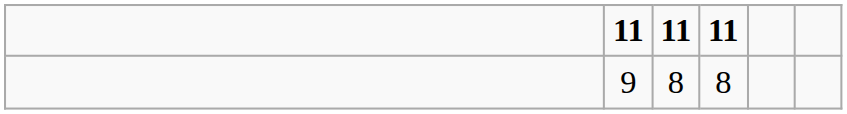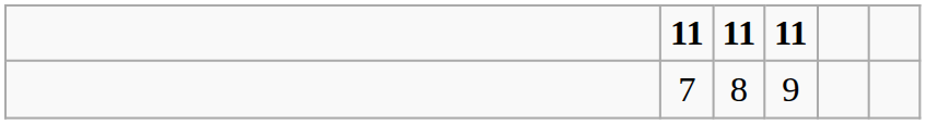 <table class="wikitable">
 <tr>
 <td style="width:18em"><strong></strong></td>
 <td align=center style="width:1em"><strong>11</strong></td>
 <td align=center style="width:1em"><strong>11</strong></td>
 <td align=center style="width:1em"><strong>11</strong></td>
 <td align=center style="width:1em"></td>
 <td align=center style="width:1em"></td>
 </tr>
 <tr>
 <td style="width:18em"></td>
+<td align=center style="width:1em">7</td>
+<td align=center style="width:1em">8</td>
 <td align=center style="width:1em">9</td>
-<td align=center style="width:1em">8</td>
-<td align=center style="width:1em">8</td>
 <td align=center style="width:1em"></td>
 <td align=center style="width:1em"></td>
 </tr>
 </table>
